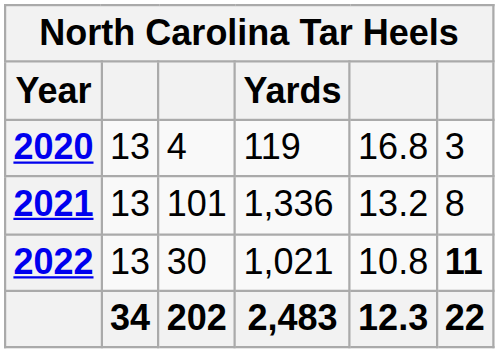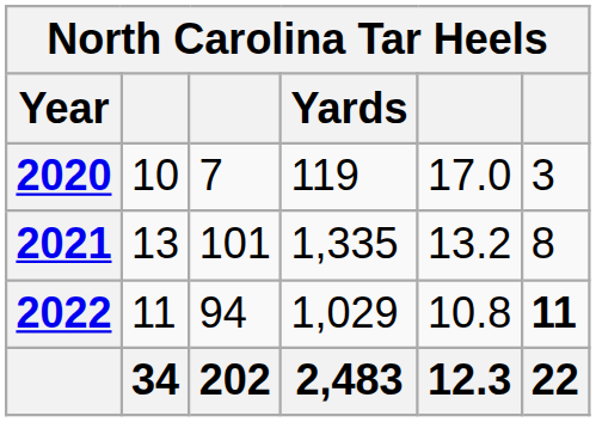 <table class="wikitable">
 <tr>
 <th colspan="15">North Carolina Tar Heels</th>
 </tr>
 <tr>
 <th>Year</th>
 <th></th>
 <th></th>
 <th>Yards</th>
 <th></th>
 <th></th>
 </tr>
 <tr>
 <th><a href='#'>2020</a></th>
-<td>13</td>
-<td>4</td>
+<td>10</td>
+<td>7</td>
 <td>119</td>
-<td>16.8</td>
+<td>17.0</td>
 <td>3</td>
 </tr>
 <tr>
 <th><a href='#'>2021</a></th>
 <td>13</td>
 <td>101</td>
-<td>1,336</td>
+<td>1,335</td>
 <td>13.2</td>
 <td>8</td>
 </tr>
 <tr>
 <th><a href='#'>2022</a></th>
-<td>13</td>
-<td>30</td>
-<td>1,021</td>
+<td>11</td>
+<td>94</td>
+<td>1,029</td>
 <td>10.8</td>
 <td><strong>11</strong></td>
 </tr>
 <tr>
 <th></th>
 <th>34</th>
 <th>202</th>
 <th>2,483</th>
 <th>12.3</th>
 <th>22</th>
 </tr>
 </table>
